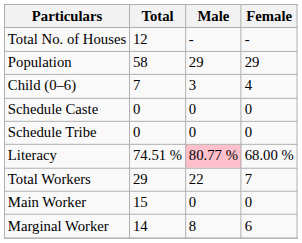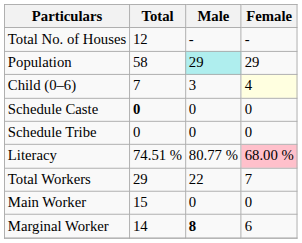 <table class="wikitable sortable">
 <tr>
 <th>Particulars</th>
 <th>Total</th>
 <th>Male</th>
 <th>Female</th>
 </tr>
 <tr>
 <td>Total No. of Houses</td>
 <td>12</td>
 <td>-</td>
 <td>-</td>
 </tr>
 <tr>
 <td>Population</td>
 <td>58</td>
-<td>29</td>
+<td style="background: paleturquoise;">29</td>
 <td>29</td>
 </tr>
 <tr>
 <td>Child (0–6)</td>
 <td>7</td>
 <td>3</td>
-<td>4</td>
+<td style="background: lightyellow;">4</td>
 </tr>
 <tr>
 <td>Schedule Caste</td>
-<td>0</td>
+<td><strong>0</strong></td>
 <td>0</td>
 <td>0</td>
 </tr>
 <tr>
 <td>Schedule Tribe</td>
 <td>0</td>
 <td>0</td>
 <td>0</td>
 </tr>
 <tr>
 <td>Literacy</td>
 <td>74.51 %</td>
-<td style="background: pink;">80.77 %</td>
-<td>68.00 %</td>
+<td>80.77 %</td>
+<td style="background: pink;">68.00 %</td>
 </tr>
 <tr>
 <td>Total Workers</td>
 <td>29</td>
 <td>22</td>
 <td>7</td>
 </tr>
 <tr>
 <td>Main Worker</td>
 <td>15</td>
 <td>0</td>
 <td>0</td>
 </tr>
 <tr>
 <td>Marginal Worker</td>
 <td>14</td>
-<td>8</td>
+<td><strong>8</strong></td>
 <td>6</td>
 </tr>
 <tr>
 </tr>
 </table>
